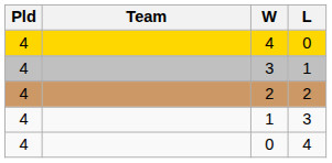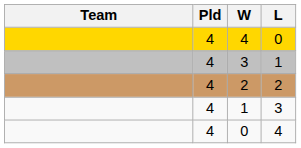 <table class=wikitable style="text-align:center">
 <tr>
+<th width=200>Team</th>
 <th width=30>Pld</th>
-<th width=200>Team</th>
 <th width=30>W</th>
 <th width=30>L</th>
 </tr>
 <tr style=background:gold>
+<td style="text-align:left"></td>
 <td>4</td>
-<td style="text-align:left"></td>
 <td>4</td>
 <td>0</td>
 </tr>
 <tr style=background:silver>
+<td style="text-align:left"></td>
 <td>4</td>
-<td style="text-align:left"></td>
 <td>3</td>
 <td>1</td>
 </tr>
 <tr bgcolor=CC9966>
+<td style="text-align:left"></td>
 <td>4</td>
-<td style="text-align:left"></td>
 <td>2</td>
 <td>2</td>
 </tr>
 <tr>
+<td style="text-align:left"></td>
 <td>4</td>
-<td style="text-align:left"></td>
 <td>1</td>
 <td>3</td>
 </tr>
 <tr>
+<td style="text-align:left"></td>
 <td>4</td>
-<td style="text-align:left"></td>
 <td>0</td>
 <td>4</td>
 </tr>
 </table>
